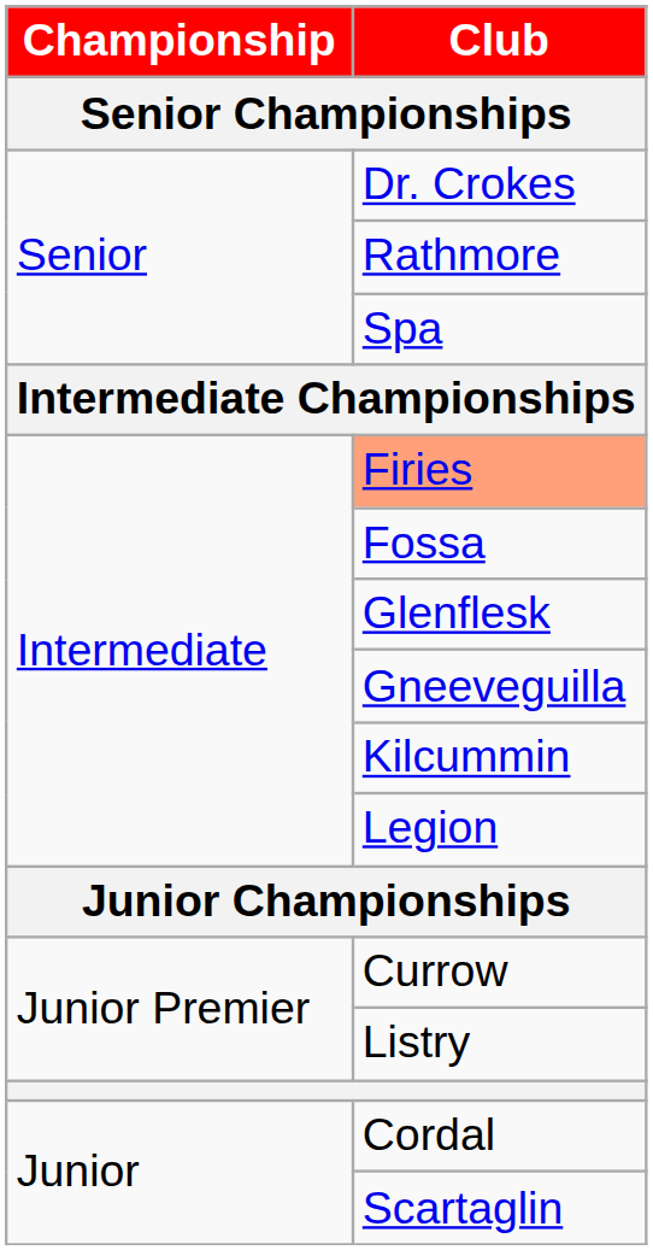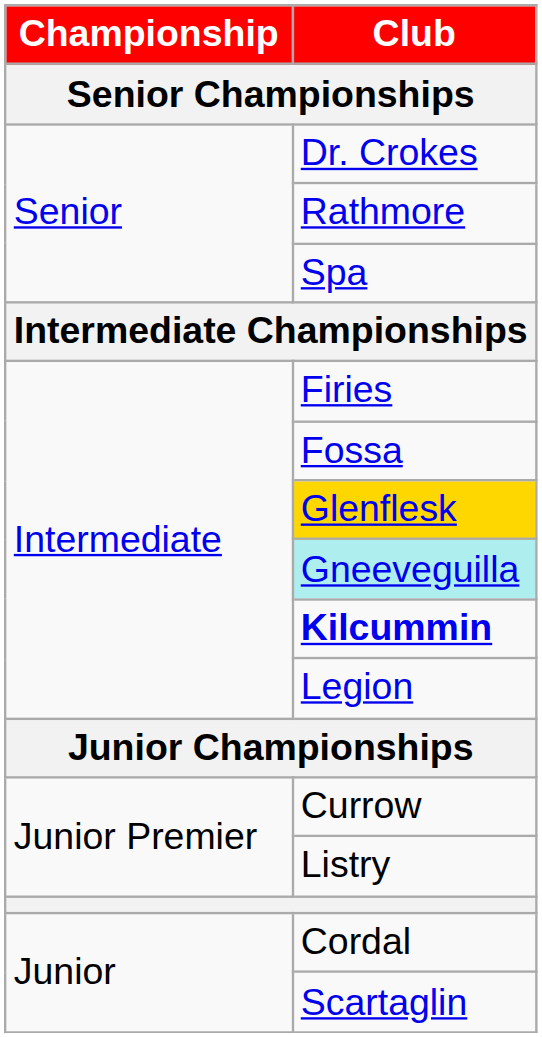 <table class="wikitable sortable">
 <tr>
 <th style="background:red;color:white">Championship</th>
 <th style="background:red;color:white">Club</th>
 </tr>
 <tr>
 <th colspan="2">Senior Championships</th>
 </tr>
 <tr>
 <td rowspan="3"><a href='#'>Senior</a></td>
 <td><a href='#'>Dr. Crokes</a></td>
 </tr>
 <tr>
 <td><a href='#'>Rathmore</a></td>
 </tr>
 <tr>
 <td><a href='#'>Spa</a></td>
 </tr>
 <tr>
 <th colspan="2">Intermediate Championships</th>
 </tr>
 <tr>
 <td rowspan="6"><a href='#'>Intermediate</a></td>
-<td style="background: lightsalmon;"><a href='#'>Firies</a></td>
+<td><a href='#'>Firies</a></td>
 </tr>
 <tr>
 <td><a href='#'>Fossa</a></td>
 </tr>
 <tr>
-<td><a href='#'>Glenflesk</a></td>
+<td style="background: gold;"><a href='#'>Glenflesk</a></td>
 </tr>
 <tr>
-<td><a href='#'>Gneeveguilla</a></td>
+<td style="background: paleturquoise;"><a href='#'>Gneeveguilla</a></td>
 </tr>
 <tr>
-<td><a href='#'>Kilcummin</a></td>
+<td><strong><a href='#'>Kilcummin</a></strong></td>
 </tr>
 <tr>
 <td><a href='#'>Legion</a></td>
 </tr>
 <tr>
 <th colspan="2">Junior Championships</th>
 </tr>
 <tr>
 <td rowspan="2">Junior Premier</td>
 <td>Currow</td>
 </tr>
 <tr>
 <td>Listry</td>
 </tr>
 <tr>
 <th colspan="2"></th>
 </tr>
 <tr>
 <td rowspan="3">Junior</td>
 <td>Cordal</td>
 </tr>
 <tr>
 <td><a href='#'>Scartaglin</a></td>
 </tr>
 </table>
